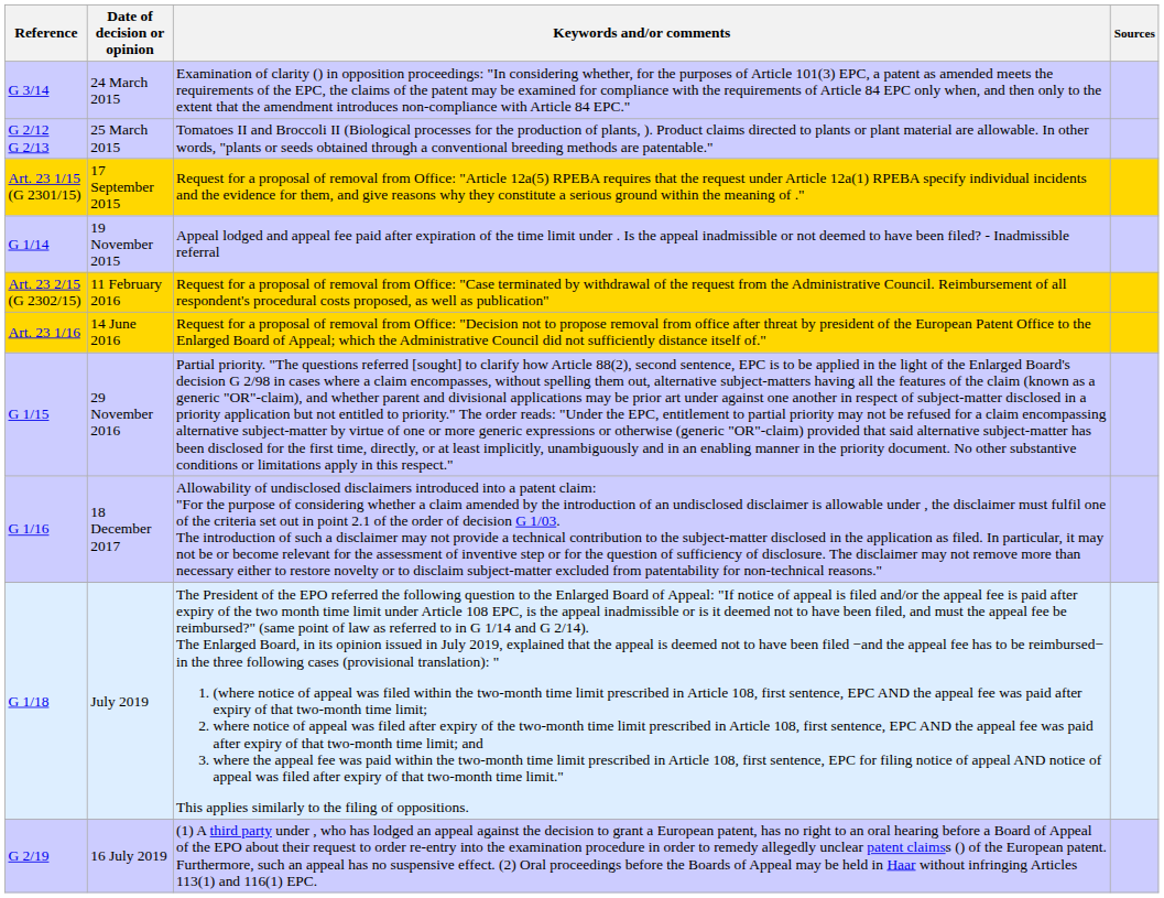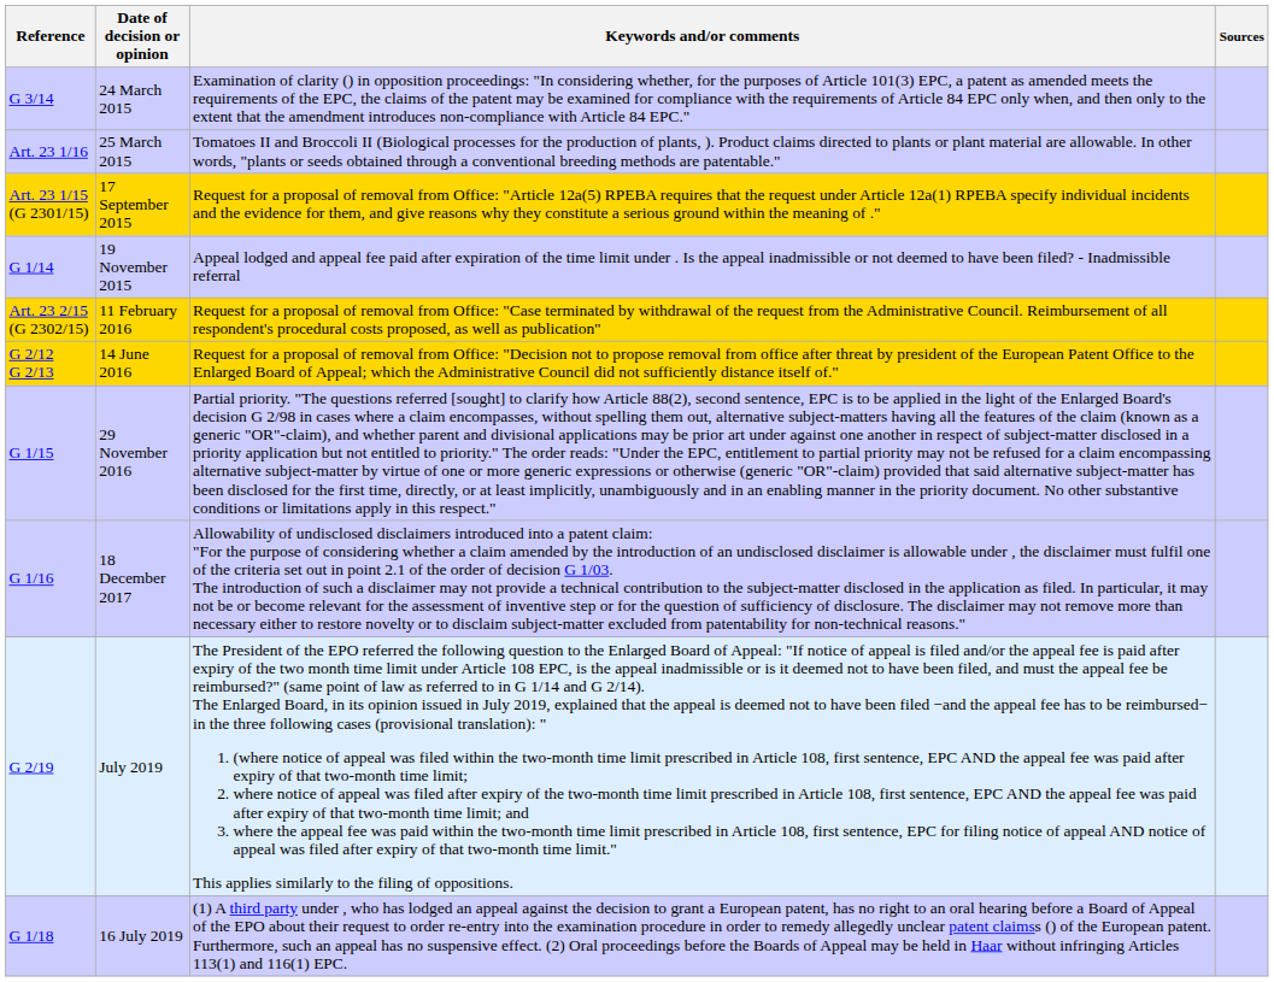 <table class="wikitable">
 <tr>
 <th>Reference</th>
 <th>Date of decision or opinion</th>
 <th>Keywords and/or comments</th>
 <th><small>Sources</small></th>
 </tr>
 <tr bgcolor="#ccccff">
 <td><a href='#'>G 3/14</a></td>
 <td>24 March 2015</td>
 <td>Examination of clarity () in opposition proceedings: "In considering whether, for the purposes of Article 101(3) EPC, a patent as amended meets the requirements of the EPC, the claims of the patent may be examined for compliance with the requirements of Article 84 EPC only when, and then only to the extent that the amendment introduces non-compliance with Article 84 EPC."</td>
 <td></td>
 </tr>
 <tr bgcolor="#ccccff">
-<td><a href='#'>G 2/12</a> <br> <a href='#'>G 2/13</a></td>
+<td><a href='#'>Art. 23 1/16</a></td>
 <td>25 March 2015</td>
 <td>Tomatoes II and Broccoli II (Biological processes for the production of plants, ). Product claims directed to plants or plant material are allowable. In other words, "plants or seeds obtained through a conventional breeding methods are patentable."</td>
 <td><br></td>
 </tr>
 <tr bgcolor="#FFD700">
 <td><a href='#'>Art. 23 1/15</a> (G 2301/15)</td>
 <td>17 September 2015</td>
 <td>Request for a proposal of removal from Office: "Article 12a(5) RPEBA requires that the request under Article 12a(1) RPEBA specify individual incidents and the evidence for them, and give reasons why they constitute a serious ground within the meaning of ."</td>
 <td></td>
 </tr>
 <tr bgcolor="#ccccff">
 <td><a href='#'>G 1/14</a></td>
 <td>19 November 2015</td>
 <td>Appeal lodged and appeal fee paid after expiration of the time limit under . Is the appeal inadmissible or not deemed to have been filed? - Inadmissible referral</td>
 <td><br></td>
 </tr>
 <tr bgcolor="#FFD700">
 <td><a href='#'>Art. 23 2/15</a> (G 2302/15)</td>
 <td>11 February 2016</td>
 <td>Request for a proposal of removal from Office: "Case terminated by withdrawal of the request from the Administrative Council. Reimbursement of all respondent's procedural costs proposed, as well as publication"</td>
 <td></td>
 </tr>
 <tr bgcolor="#FFD700">
-<td><a href='#'>Art. 23 1/16</a></td>
+<td><a href='#'>G 2/12</a> <br> <a href='#'>G 2/13</a></td>
 <td>14 June 2016</td>
 <td>Request for a proposal of removal from Office: "Decision not to propose removal from office after threat by president of the European Patent Office to the Enlarged Board of Appeal; which the Administrative Council did not sufficiently distance itself of."</td>
 <td></td>
 </tr>
 <tr bgcolor="#ccccff">
 <td><a href='#'>G 1/15</a></td>
 <td>29 November 2016</td>
 <td>Partial priority. "The questions referred [sought] to clarify how Article 88(2), second sentence, EPC is to be applied in the light of the Enlarged Board's decision G 2/98 in cases where a claim encompasses, without spelling them out, alternative subject-matters having all the features of the claim (known as a generic "OR"-claim), and whether parent and divisional applications may be prior art under  against one another in respect of subject-matter disclosed in a priority application but not entitled to priority." The order reads: "Under the EPC, entitlement to partial priority may not be refused for a claim encompassing alternative subject-matter by virtue of one or more generic expressions or otherwise (generic "OR"-claim) provided that said alternative subject-matter has been disclosed for the first time, directly, or at least implicitly, unambiguously and in an enabling manner in the priority document. No other substantive conditions or limitations apply in this respect."</td>
 <td></td>
 </tr>
 <tr bgcolor="#ccccff">
 <td><a href='#'>G 1/16</a></td>
 <td>18 December 2017</td>
 <td>Allowability of undisclosed disclaimers introduced into a patent claim:<br>"For the purpose of considering whether a claim amended by the introduction of an undisclosed disclaimer is allowable under , the disclaimer must fulfil one of the criteria set out in point 2.1 of the order of decision <a href='#'>G 1/03</a>.<br>The introduction of such a disclaimer may not provide a technical contribution to the subject-matter disclosed in the application as filed. In particular, it may not be or become relevant for the assessment of inventive step or for the question of sufficiency of disclosure. The disclaimer may not remove more than necessary either to restore novelty or to disclaim subject-matter excluded from patentability for non-technical reasons."</td>
 <td></td>
 </tr>
 <tr bgcolor="#ddeeff">
-<td><a href='#'>G 1/18</a></td>
+<td><a href='#'>G 2/19</a></td>
 <td>July 2019</td>
 <td>The President of the EPO referred the following question to the Enlarged Board of Appeal: "If notice of appeal is filed and/or the appeal fee is paid after expiry of the two month time limit under Article 108 EPC, is the appeal inadmissible or is it deemed not to have been filed, and must the appeal fee be reimbursed?" (same point of law as referred to in G 1/14 and G 2/14).<br>The Enlarged Board, in its opinion issued in July 2019, explained that the appeal is deemed not to have been filed −and the appeal fee has to be reimbursed− in the three following cases (provisional translation): "<ol><li>(where notice of appeal was filed within the two‑month time limit prescribed in Article 108, first sentence, EPC AND the appeal fee was paid after expiry of that two‑month time limit;</li><li>where notice of appeal was filed after expiry of the two‑month time limit prescribed in Article 108, first sentence, EPC AND the appeal fee was paid after expiry of that two‑month time limit; and</li><li>where the appeal fee was paid within the two‑month time limit prescribed in Article 108, first sentence, EPC for filing notice of appeal AND notice of appeal was filed after expiry of that two‑month time limit."</li></ol>This applies similarly to the filing of oppositions.</td>
 <td><br><br><br></td>
 </tr>
 <tr bgcolor="#ccccff">
-<td><a href='#'>G 2/19</a></td>
+<td><a href='#'>G 1/18</a></td>
 <td>16 July 2019</td>
 <td>(1) A <a href='#'>third party</a> under , who has lodged an appeal against the decision to grant a European patent, has no right to an oral hearing before a Board of Appeal of the EPO about their request to order re-entry into the examination procedure in order to remedy allegedly unclear <a href='#'>patent claims</a>s () of the European patent. Furthermore, such an appeal has no suspensive effect. (2) Oral proceedings before the Boards of Appeal may be held in <a href='#'>Haar</a> without infringing Articles 113(1) and 116(1) EPC.</td>
 <td><br><br><br><br></td>
 </tr>
 </table>
